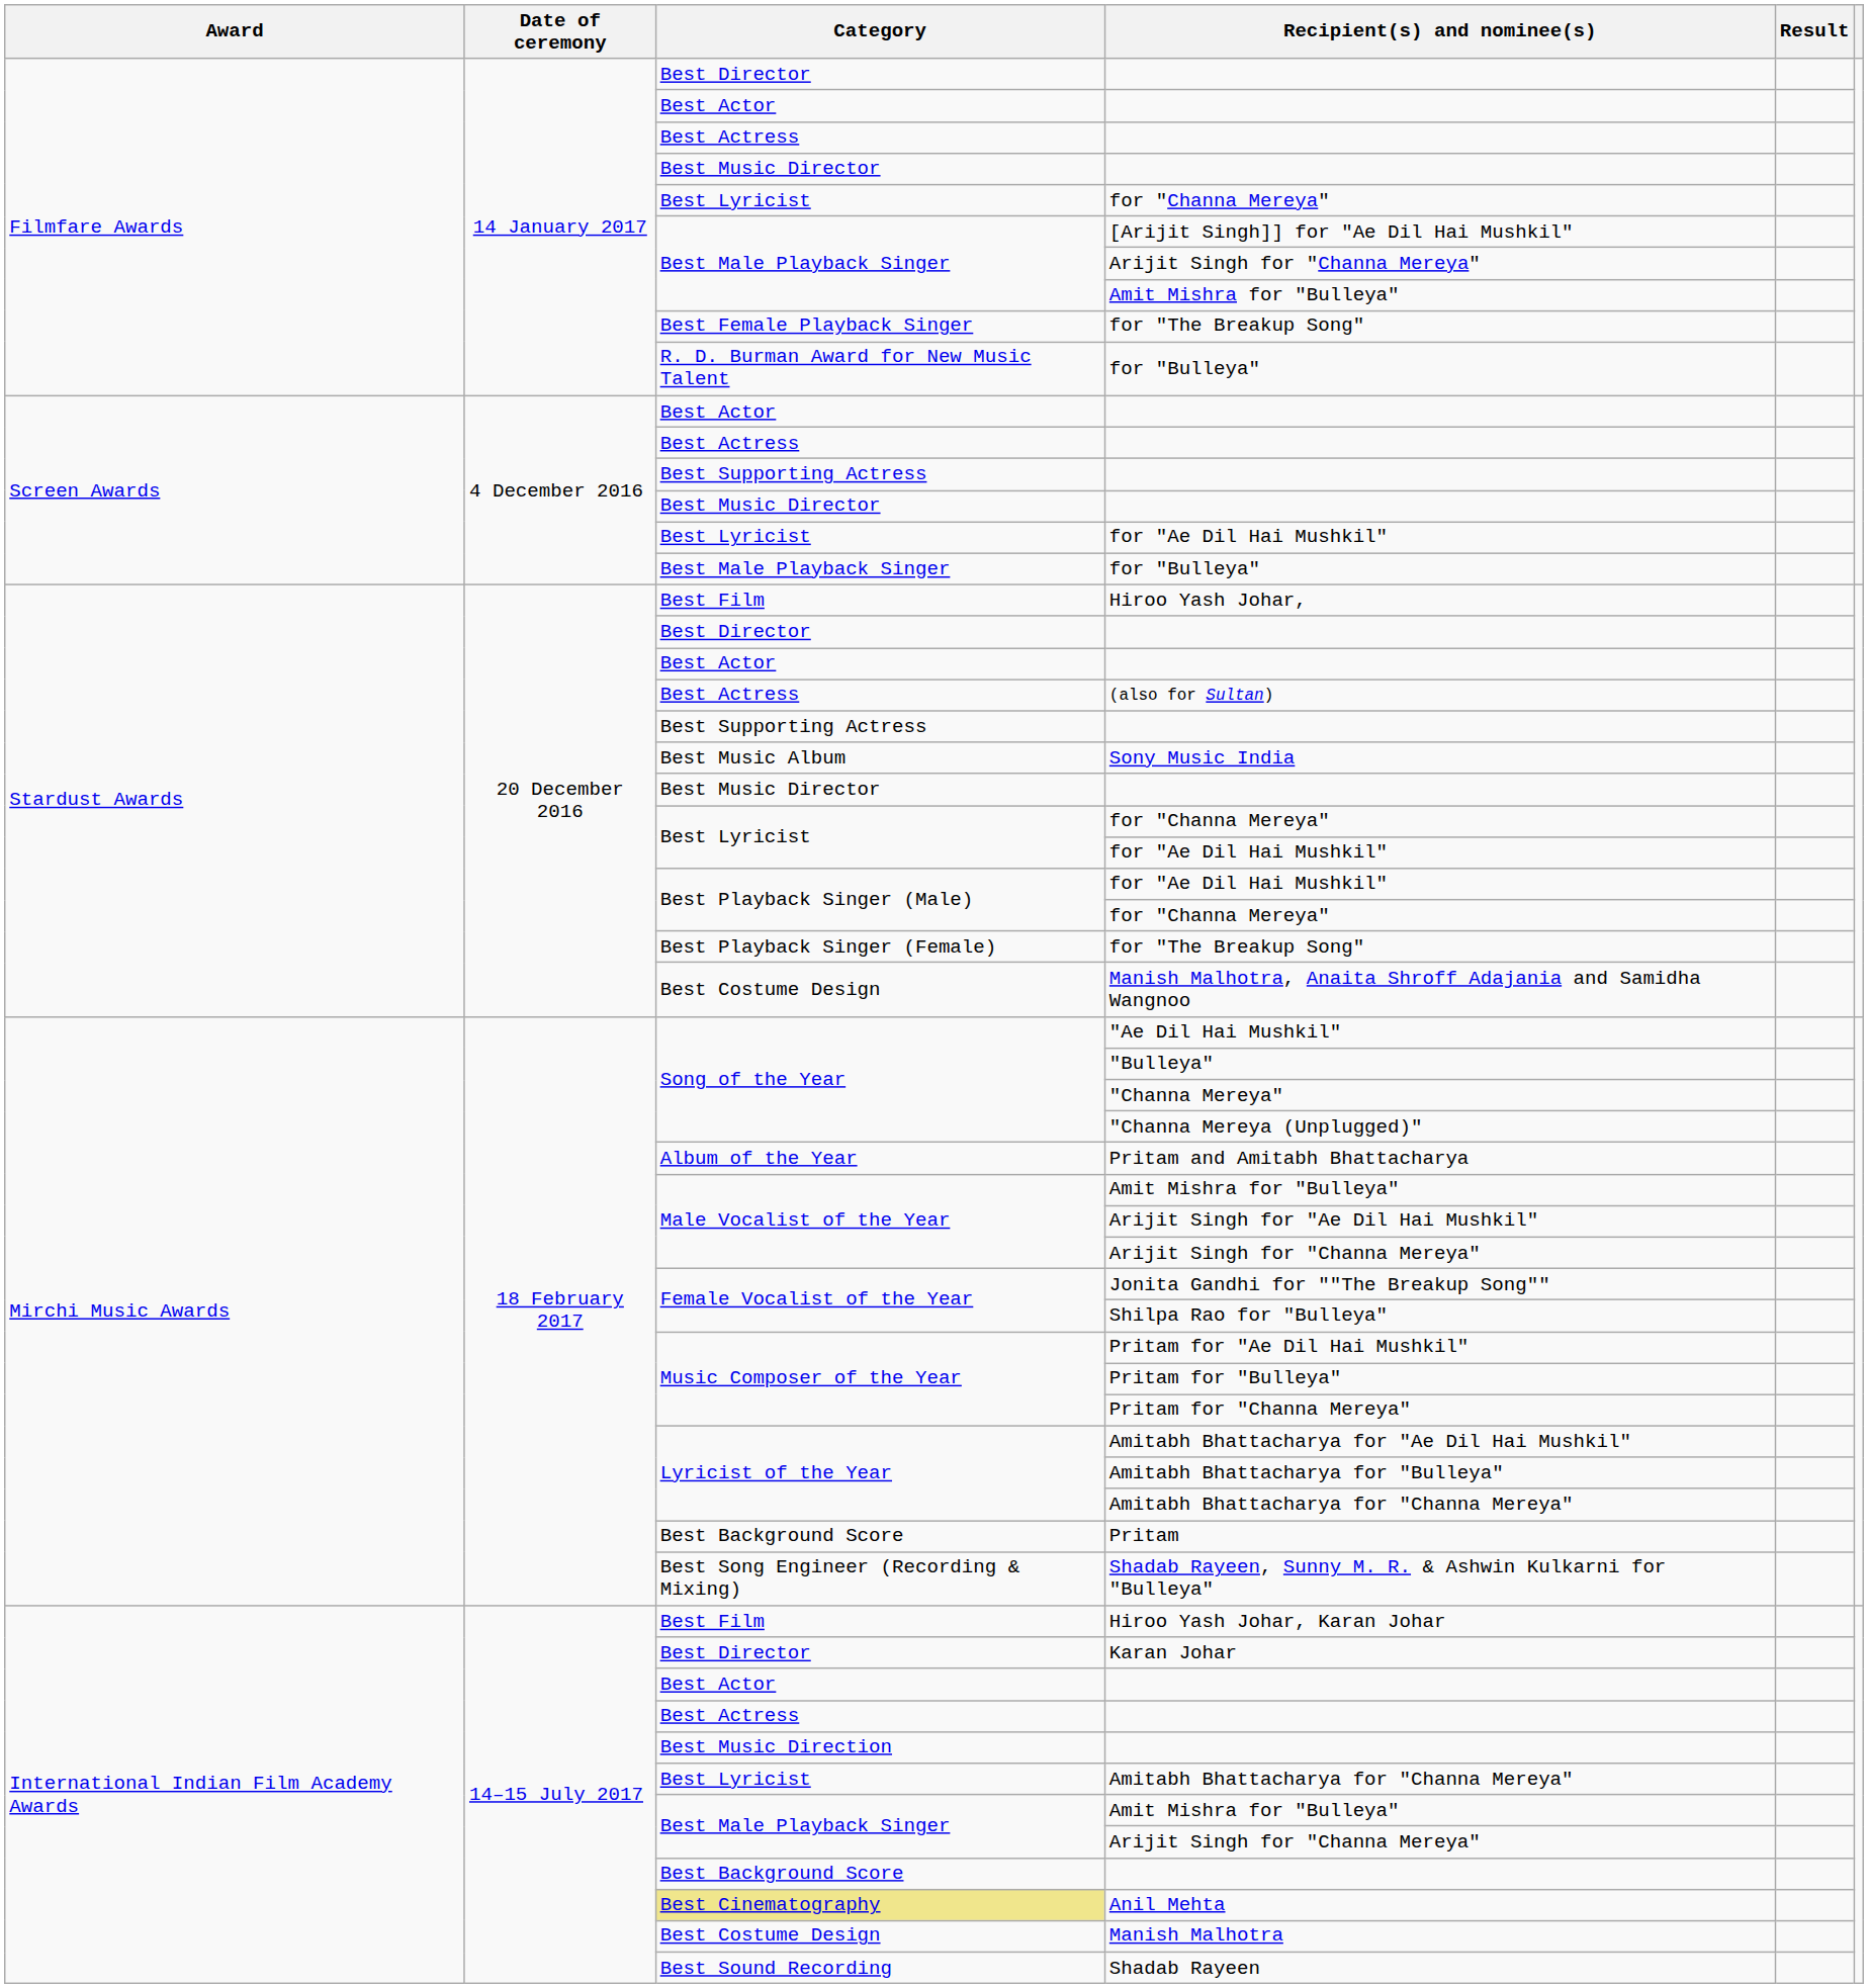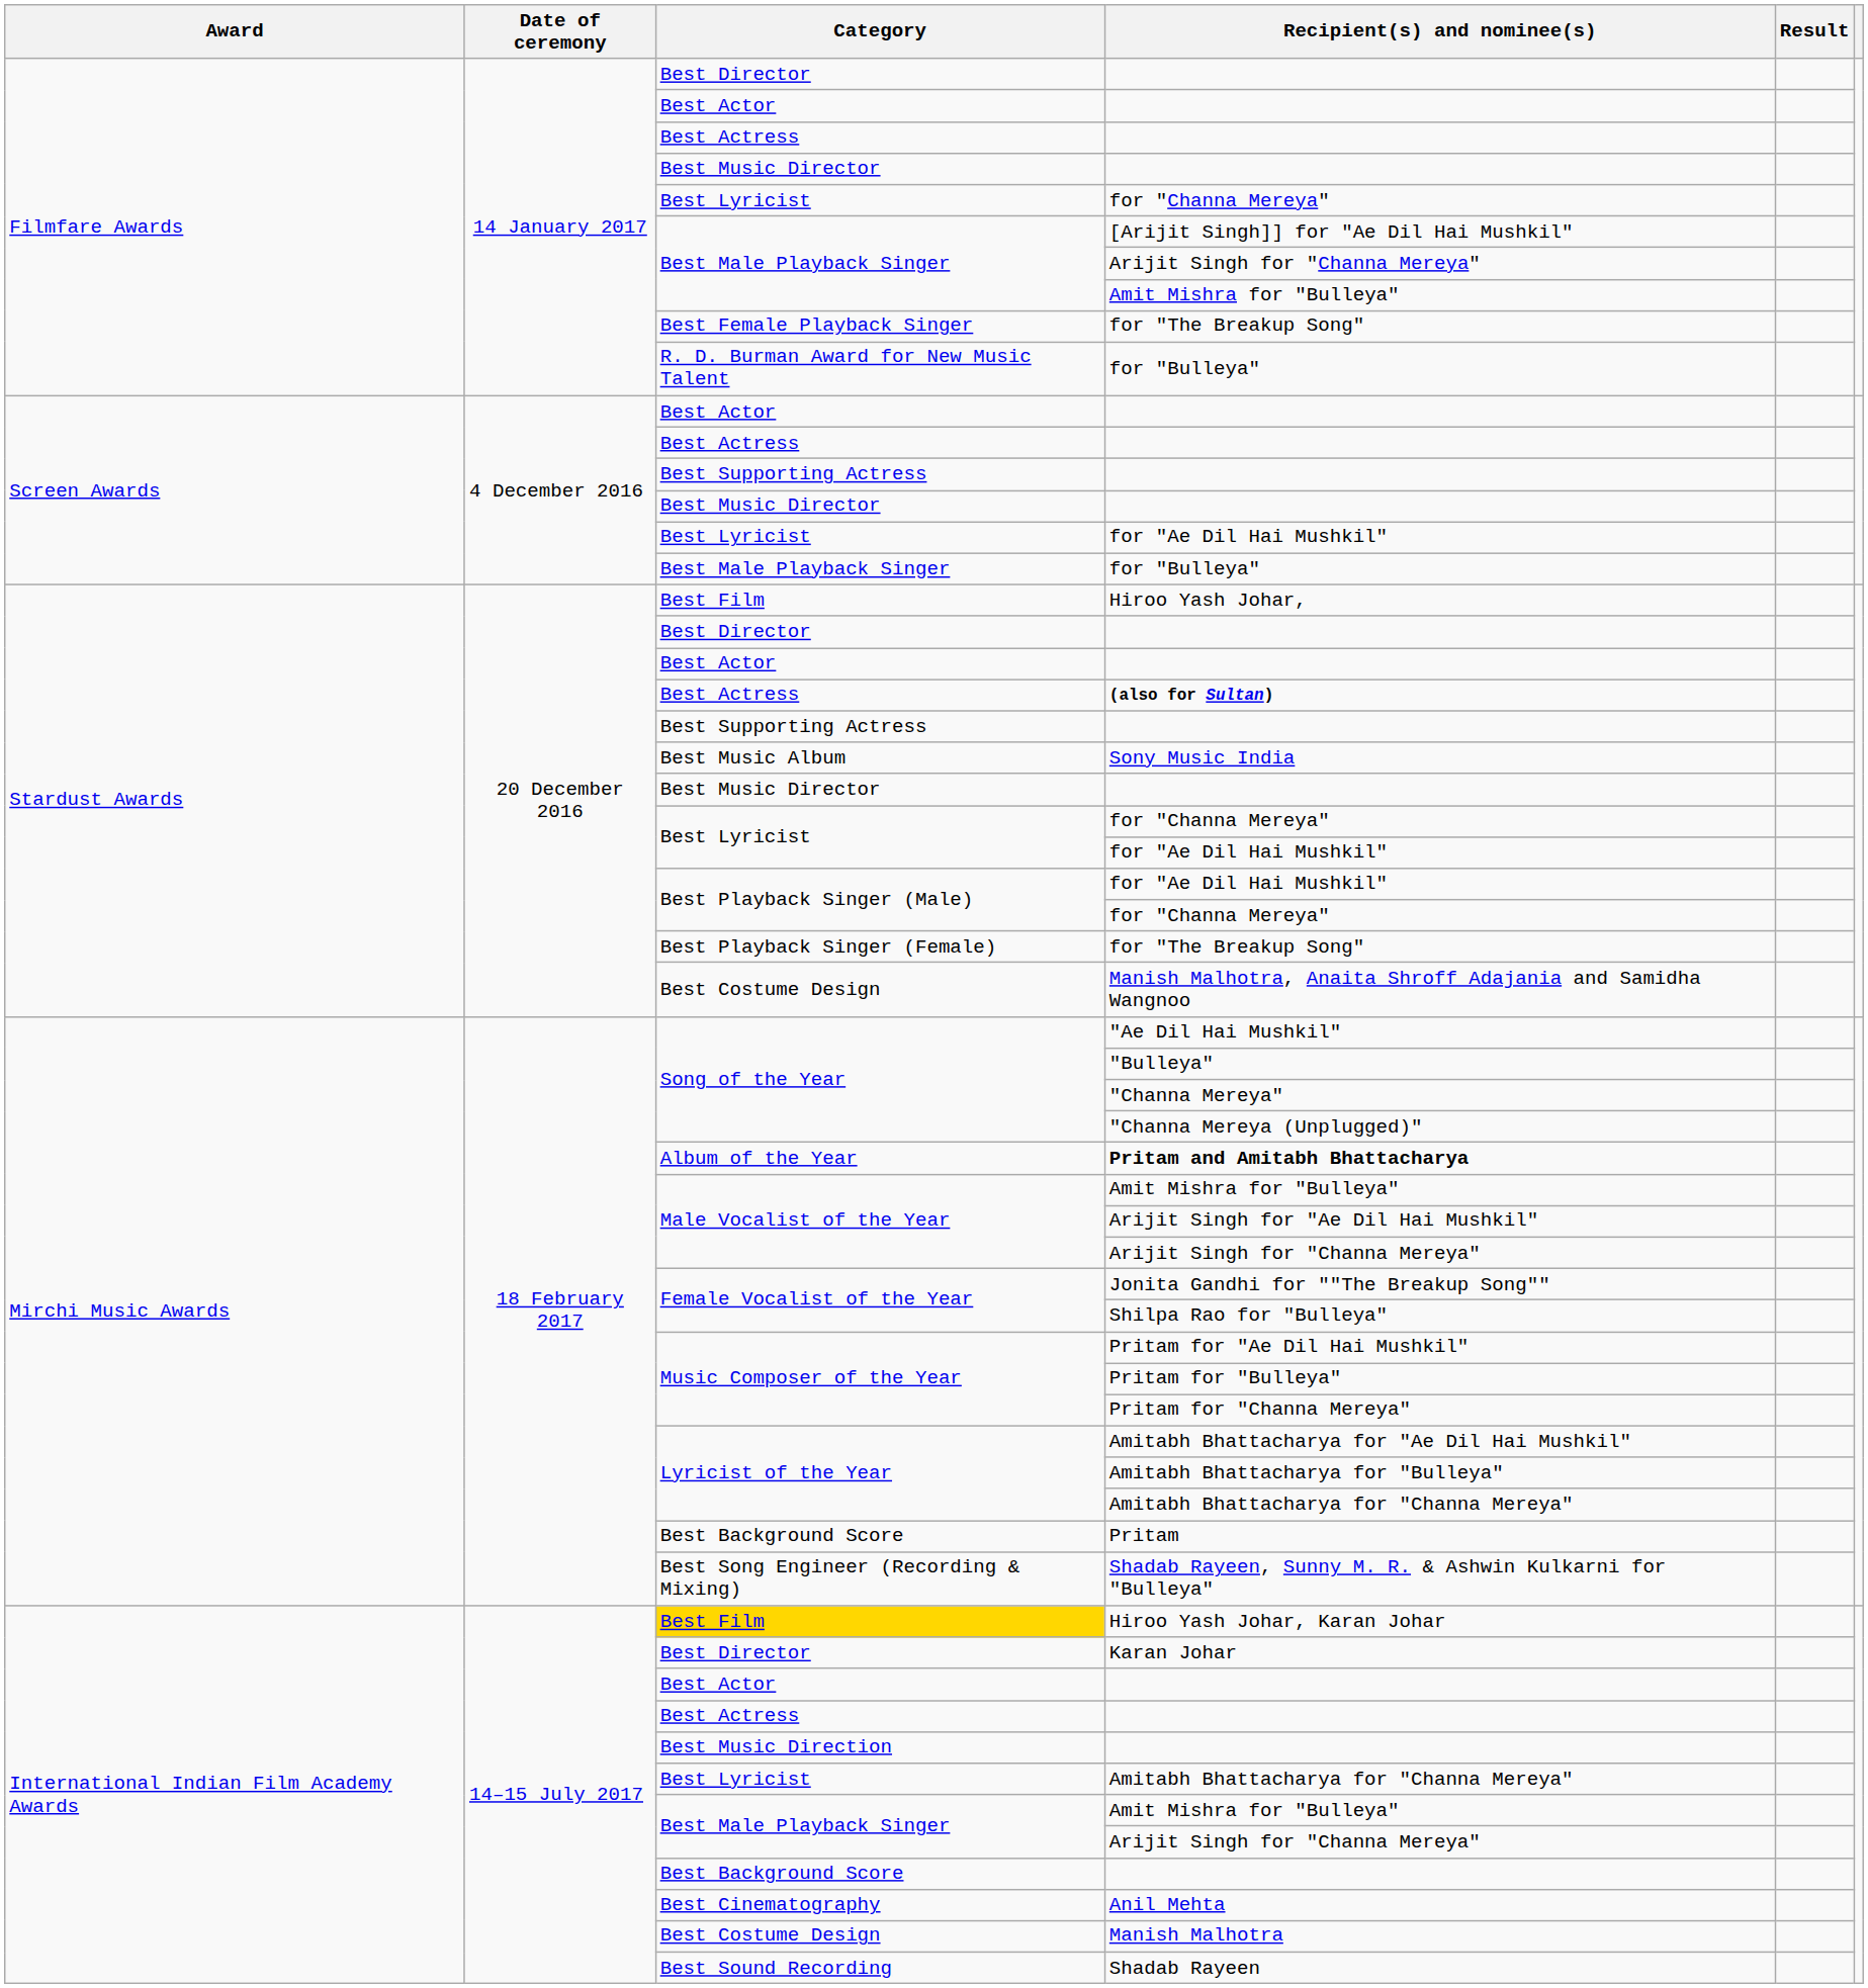 <table class="wikitable plainrowheaders sortable">
 <tr>
 <th scope="col">Award</th>
 <th scope="col">Date of ceremony</th>
 <th scope="col">Category</th>
 <th scope="col">Recipient(s) and nominee(s)</th>
 <th scope="col">Result</th>
 <th scope="col" class="unsortable"></th>
 </tr>
 <tr>
 <td rowspan="10" scope="row"><a href='#'>Filmfare Awards</a></td>
 <td rowspan="10" style="text-align:center;"><a href='#'>14 January 2017</a></td>
 <td><a href='#'>Best Director</a></td>
 <td></td>
 <td></td>
 <td rowspan="10"></td>
 </tr>
 <tr>
 <td><a href='#'>Best Actor</a></td>
 <td></td>
 <td></td>
 </tr>
 <tr>
 <td><a href='#'>Best Actress</a></td>
 <td></td>
 <td></td>
 </tr>
 <tr>
 <td><a href='#'>Best Music Director</a></td>
 <td></td>
 <td></td>
 </tr>
 <tr>
 <td><a href='#'>Best Lyricist</a></td>
 <td> for "<a href='#'>Channa Mereya</a>"</td>
 <td></td>
 </tr>
 <tr>
 <td rowspan="3"><a href='#'>Best Male Playback Singer</a></td>
 <td>[Arijit Singh]] for "Ae Dil Hai Mushkil"</td>
 <td></td>
 </tr>
 <tr>
 <td>Arijit Singh for "<a href='#'>Channa Mereya</a>"</td>
 <td></td>
 </tr>
 <tr>
 <td><a href='#'>Amit Mishra</a> for "Bulleya"</td>
 <td></td>
 </tr>
 <tr>
 <td><a href='#'>Best Female Playback Singer</a></td>
 <td> for "The Breakup Song"</td>
 <td></td>
 </tr>
 <tr>
 <td><a href='#'>R. D. Burman Award for New Music Talent</a></td>
 <td> for "Bulleya"</td>
 <td></td>
 </tr>
 <tr>
 <td rowspan="6"><a href='#'>Screen Awards</a></td>
 <td rowspan="6">4 December 2016</td>
 <td><a href='#'>Best Actor</a></td>
 <td></td>
 <td></td>
 <td rowspan="6"></td>
 </tr>
 <tr>
 <td><a href='#'>Best Actress</a></td>
 <td></td>
 <td></td>
 </tr>
 <tr>
 <td><a href='#'>Best Supporting Actress</a></td>
 <td></td>
 <td></td>
 </tr>
 <tr>
 <td><a href='#'>Best Music Director</a></td>
 <td></td>
 <td></td>
 </tr>
 <tr>
 <td><a href='#'>Best Lyricist</a></td>
 <td> for "Ae Dil Hai Mushkil"</td>
 <td></td>
 </tr>
 <tr>
 <td><a href='#'>Best Male Playback Singer</a></td>
 <td> for "Bulleya"</td>
 <td></td>
 </tr>
 <tr>
 <td rowspan="13" scope="row"><a href='#'>Stardust Awards</a></td>
 <td rowspan="13" style="text-align:center;">20 December 2016</td>
 <td><a href='#'>Best Film</a></td>
 <td>Hiroo Yash Johar, </td>
 <td></td>
 <td rowspan="13" style="text-align:center;"></td>
 </tr>
 <tr>
 <td><a href='#'>Best Director</a></td>
 <td></td>
 <td></td>
 </tr>
 <tr>
 <td><a href='#'>Best Actor</a></td>
 <td></td>
 <td></td>
 </tr>
 <tr>
 <td><a href='#'>Best Actress</a></td>
-<td> <small>(also for <em><a href='#'>Sultan</a></em>)</small></td>
+<td><strong> <small>(also for <em><a href='#'>Sultan</a></em>)</small></strong></td>
 <td></td>
 </tr>
 <tr>
 <td>Best Supporting Actress</td>
 <td></td>
 <td></td>
 </tr>
 <tr>
 <td>Best Music Album</td>
 <td><a href='#'>Sony Music India</a></td>
 <td></td>
 </tr>
 <tr>
 <td>Best Music Director</td>
 <td></td>
 <td></td>
 </tr>
 <tr>
 <td rowspan="2">Best Lyricist</td>
 <td> for "Channa Mereya"</td>
 <td></td>
 </tr>
 <tr>
 <td> for "Ae Dil Hai Mushkil"</td>
 <td></td>
 </tr>
 <tr>
 <td rowspan="2">Best Playback Singer (Male)</td>
 <td> for "Ae Dil Hai Mushkil"</td>
 <td></td>
 </tr>
 <tr>
 <td> for "Channa Mereya"</td>
 <td></td>
 </tr>
 <tr>
 <td>Best Playback Singer (Female)</td>
 <td> for "The Breakup Song"</td>
 <td></td>
 </tr>
 <tr>
 <td>Best Costume Design</td>
 <td><a href='#'>Manish Malhotra</a>, <a href='#'>Anaita Shroff Adajania</a> and Samidha Wangnoo</td>
 <td></td>
 </tr>
 <tr>
 <td rowspan="18" scope="row"><a href='#'>Mirchi Music Awards</a></td>
 <td rowspan="18" style="text-align:center;"><a href='#'>18 February 2017</a></td>
 <td rowspan="4"><a href='#'>Song of the Year</a></td>
 <td>"Ae Dil Hai Mushkil"</td>
 <td></td>
 <td rowspan="18" style="text-align:center;"></td>
 </tr>
 <tr>
 <td>"Bulleya"</td>
 <td></td>
 </tr>
 <tr>
 <td>"Channa Mereya"</td>
 <td></td>
 </tr>
 <tr>
 <td>"Channa Mereya (Unplugged)"</td>
 <td></td>
 </tr>
 <tr>
 <td><a href='#'>Album of the Year</a></td>
-<td>Pritam and Amitabh Bhattacharya</td>
+<td><strong>Pritam and Amitabh Bhattacharya</strong></td>
 <td></td>
 </tr>
 <tr>
 <td rowspan="3"><a href='#'>Male Vocalist of the Year</a></td>
 <td>Amit Mishra for "Bulleya"</td>
 <td></td>
 </tr>
 <tr>
 <td>Arijit Singh for "Ae Dil Hai Mushkil"</td>
 <td></td>
 </tr>
 <tr>
 <td>Arijit Singh for "Channa Mereya"</td>
 <td></td>
 </tr>
 <tr>
 <td rowspan="2"><a href='#'>Female Vocalist of the Year</a></td>
 <td>Jonita Gandhi for ""The Breakup Song""</td>
 <td></td>
 </tr>
 <tr>
 <td>Shilpa Rao for "Bulleya"</td>
 <td></td>
 </tr>
 <tr>
 <td rowspan="3"><a href='#'>Music Composer of the Year</a></td>
 <td>Pritam for "Ae Dil Hai Mushkil"</td>
 <td></td>
 </tr>
 <tr>
 <td>Pritam for "Bulleya"</td>
 <td></td>
 </tr>
 <tr>
 <td>Pritam for "Channa Mereya"</td>
 <td></td>
 </tr>
 <tr>
 <td rowspan="3"><a href='#'>Lyricist of the Year</a></td>
 <td>Amitabh Bhattacharya for "Ae Dil Hai Mushkil"</td>
 <td></td>
 </tr>
 <tr>
 <td>Amitabh Bhattacharya for "Bulleya"</td>
 <td></td>
 </tr>
 <tr>
 <td>Amitabh Bhattacharya for "Channa Mereya"</td>
 <td></td>
 </tr>
 <tr>
 <td>Best Background Score</td>
 <td>Pritam</td>
 <td></td>
 </tr>
 <tr>
 <td>Best Song Engineer (Recording & Mixing)</td>
 <td><a href='#'>Shadab Rayeen</a>, <a href='#'>Sunny M. R.</a> & Ashwin Kulkarni for "Bulleya"</td>
 <td></td>
 </tr>
 <tr>
 <td rowspan="12"><a href='#'>International Indian Film Academy Awards</a></td>
 <td rowspan="12"><a href='#'>14–15 July 2017</a></td>
-<td><a href='#'>Best Film</a></td>
+<td style="background: gold;"><a href='#'>Best Film</a></td>
 <td>Hiroo Yash Johar, Karan Johar</td>
 <td></td>
 <td rowspan="12" style="text-align:center;"></td>
 </tr>
 <tr>
 <td><a href='#'>Best Director</a></td>
 <td>Karan Johar</td>
 <td></td>
 </tr>
 <tr>
 <td><a href='#'>Best Actor</a></td>
 <td></td>
 <td></td>
 </tr>
 <tr>
 <td><a href='#'>Best Actress</a></td>
 <td></td>
 <td></td>
 </tr>
 <tr>
 <td><a href='#'>Best Music Direction</a></td>
 <td></td>
 <td></td>
 </tr>
 <tr>
 <td><a href='#'>Best Lyricist</a></td>
 <td>Amitabh Bhattacharya for "Channa Mereya"</td>
 <td></td>
 </tr>
 <tr>
 <td rowspan="2"><a href='#'>Best Male Playback Singer</a></td>
 <td>Amit Mishra for "Bulleya"</td>
 <td></td>
 </tr>
 <tr>
 <td>Arijit Singh for "Channa Mereya"</td>
 <td></td>
 </tr>
 <tr>
 <td><a href='#'>Best Background Score</a></td>
 <td></td>
 <td></td>
 </tr>
 <tr>
-<td style="background: khaki;"><a href='#'>Best Cinematography</a></td>
+<td><a href='#'>Best Cinematography</a></td>
 <td><a href='#'>Anil Mehta</a></td>
 <td></td>
 </tr>
 <tr>
 <td><a href='#'>Best Costume Design</a></td>
 <td><a href='#'>Manish Malhotra</a></td>
 <td></td>
 </tr>
 <tr>
 <td><a href='#'>Best Sound Recording</a></td>
 <td>Shadab Rayeen</td>
 <td></td>
 </tr>
 </table>
